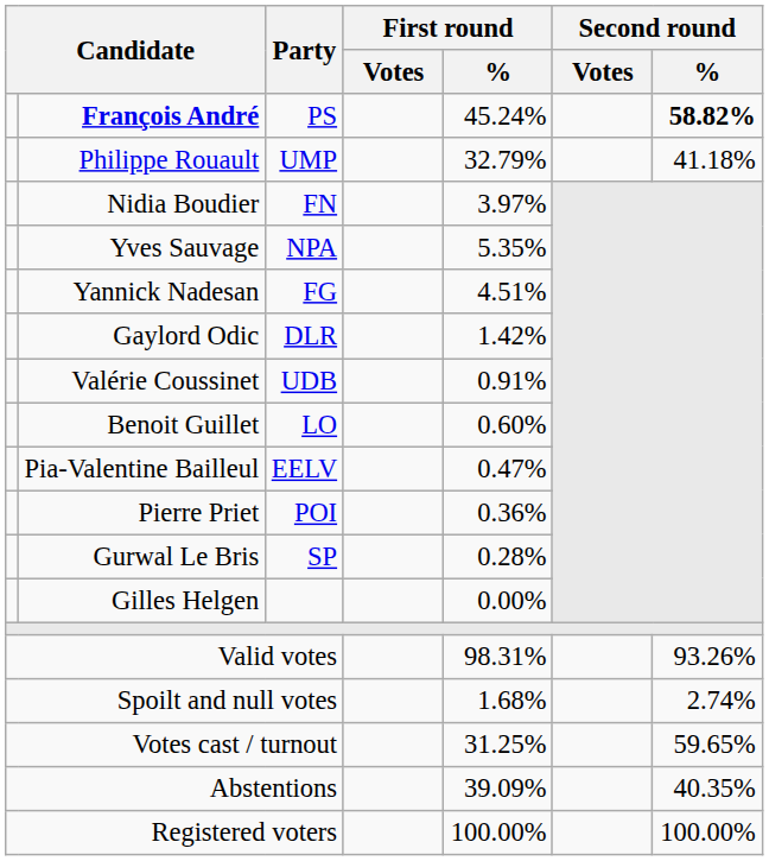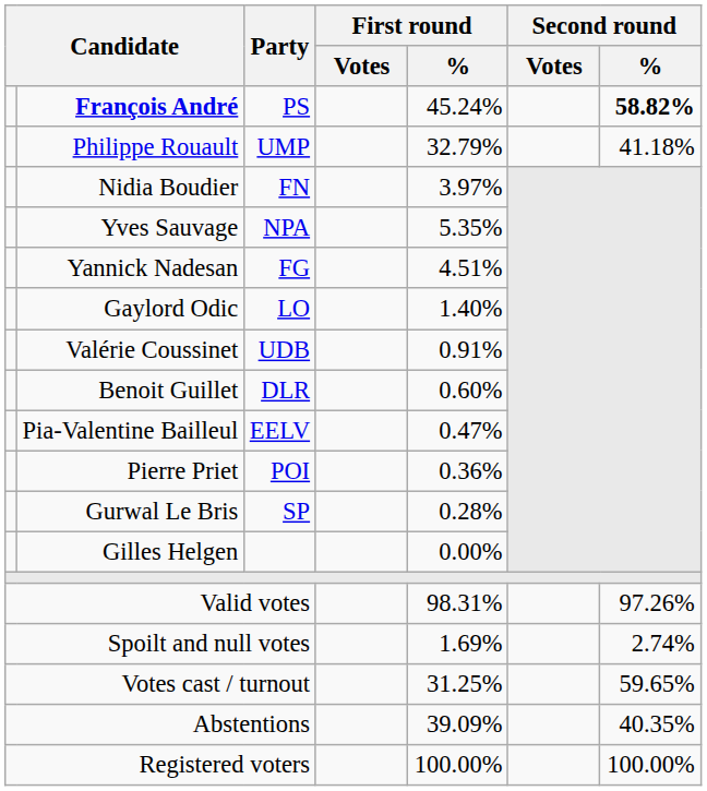 <table class="wikitable" style="text-align:right;font-size:95%;">
 <tr>
 <th colspan="2" rowspan="2">Candidate</th>
 <th colspan="1" rowspan="2">Party</th>
 <th colspan="2">First round</th>
 <th colspan="2">Second round</th>
 </tr>
 <tr>
 <th style="width:50px;">Votes</th>
 <th style="width:55px;">%</th>
 <th style="width:50px;">Votes</th>
 <th style="width:55px;">%</th>
 </tr>
 <tr>
 <td style="color:inherit;background-color:"></td>
 <td><strong><a href='#'>François André</a></strong></td>
 <td><a href='#'>PS</a></td>
 <td></td>
 <td>45.24%</td>
 <td><strong></strong></td>
 <td><strong>58.82%</strong></td>
 </tr>
 <tr>
 <td style="color:inherit;background-color:"></td>
 <td><a href='#'>Philippe Rouault</a></td>
 <td><a href='#'>UMP</a></td>
 <td></td>
 <td>32.79%</td>
 <td></td>
 <td>41.18%</td>
 </tr>
 <tr>
 <td style="color:inherit;background-color:"></td>
 <td>Nidia Boudier</td>
 <td><a href='#'>FN</a></td>
 <td></td>
 <td>3.97%</td>
 <td colspan="7" rowspan="10" style="background-color:#E9E9E9;"></td>
 </tr>
 <tr>
 <td style="color:inherit;background-color:"></td>
 <td>Yves Sauvage</td>
 <td><a href='#'>NPA</a></td>
 <td></td>
 <td>5.35%</td>
 </tr>
 <tr>
 <td style="color:inherit;background-color:"></td>
 <td>Yannick Nadesan</td>
 <td><a href='#'>FG</a></td>
 <td></td>
 <td>4.51%</td>
 </tr>
 <tr>
 <td style="color:inherit;background-color:"></td>
 <td>Gaylord Odic</td>
-<td><a href='#'>DLR</a></td>
+<td><a href='#'>LO</a></td>
 <td></td>
-<td>1.42%</td>
+<td>1.40%</td>
 </tr>
 <tr>
 <td style="color:inherit;background-color:"></td>
 <td>Valérie Coussinet</td>
 <td><a href='#'>UDB</a></td>
 <td></td>
 <td>0.91%</td>
 </tr>
 <tr>
 <td style="color:inherit;background-color:"></td>
 <td>Benoit Guillet</td>
-<td><a href='#'>LO</a></td>
+<td><a href='#'>DLR</a></td>
 <td></td>
 <td>0.60%</td>
 </tr>
 <tr>
 <td style="color:inherit;background-color:"></td>
 <td>Pia-Valentine Bailleul</td>
 <td><a href='#'>EELV</a></td>
 <td></td>
 <td>0.47%</td>
 </tr>
 <tr>
 <td style="color:inherit;background-color:"></td>
 <td>Pierre Priet</td>
 <td><a href='#'>POI</a></td>
 <td></td>
 <td>0.36%</td>
 </tr>
 <tr>
 <td style="color:inherit;background-color:"></td>
 <td>Gurwal Le Bris</td>
 <td><a href='#'>SP</a></td>
 <td></td>
 <td>0.28%</td>
 </tr>
 <tr>
 <td style="background-color:;"></td>
 <td>Gilles Helgen</td>
 <td></td>
 <td></td>
 <td>0.00%</td>
 </tr>
 <tr>
 <td colspan="7" style="background-color:#E9E9E9;"></td>
 </tr>
 <tr>
 <td colspan="3">Valid votes</td>
 <td></td>
 <td>98.31%</td>
 <td></td>
-<td>93.26%</td>
+<td>97.26%</td>
 </tr>
 <tr>
 <td colspan="3">Spoilt and null votes</td>
 <td></td>
-<td>1.68%</td>
+<td>1.69%</td>
 <td></td>
 <td>2.74%</td>
 </tr>
 <tr>
 <td colspan="3">Votes cast / turnout</td>
 <td></td>
 <td>31.25%</td>
 <td></td>
 <td>59.65%</td>
 </tr>
 <tr>
 <td colspan="3">Abstentions</td>
 <td></td>
 <td>39.09%</td>
 <td></td>
 <td>40.35%</td>
 </tr>
 <tr>
 <td colspan="3">Registered voters</td>
 <td></td>
 <td>100.00%</td>
 <td></td>
 <td>100.00%</td>
 </tr>
 </table>
